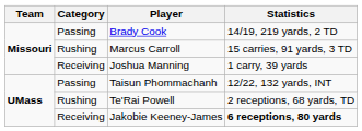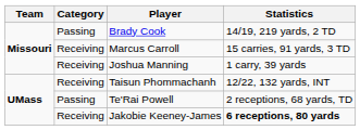 <table class="wikitable" style="float: right;">
 <tr>
 <th>Team</th>
 <th>Category</th>
 <th>Player</th>
 <th>Statistics</th>
 </tr>
 <tr>
 <td rowspan=3><strong>Missouri</strong></td>
 <td>Passing</td>
 <td><a href='#'>Brady Cook</a></td>
 <td>14/19, 219 yards, 2 TD</td>
 </tr>
 <tr>
-<td>Rushing</td>
+<td>Receiving</td>
 <td>Marcus Carroll</td>
 <td>15 carries, 91 yards, 3 TD</td>
 </tr>
 <tr>
 <td>Receiving</td>
 <td>Joshua Manning</td>
 <td>1 carry, 39 yards</td>
 </tr>
 <tr>
 <td rowspan=3><strong>UMass</strong></td>
-<td>Passing</td>
+<td>Receiving</td>
 <td>Taisun Phommachanh</td>
 <td>12/22, 132 yards, INT</td>
 </tr>
 <tr>
-<td>Rushing</td>
+<td>Passing</td>
 <td>Te'Rai Powell</td>
 <td>2 receptions, 68 yards, TD</td>
 </tr>
 <tr>
 <td>Receiving</td>
 <td>Jakobie Keeney-James</td>
 <td><strong>6 receptions, 80 yards</strong></td>
 </tr>
 </table>
